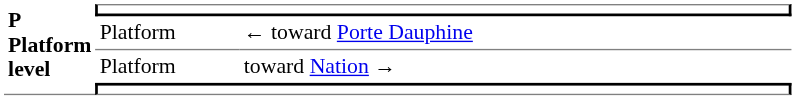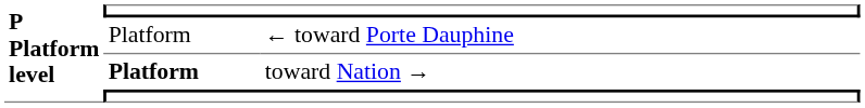 <table border=0 cellspacing=0 cellpadding=3>
 <tr>
 <td style="border-bottom:solid 1px gray;" width=50 rowspan=10 valign=top><strong>P<br>Platform level</strong></td>
 <td style="border-top:solid 1px gray;border-right:solid 2px black;border-left:solid 2px black;border-bottom:solid 2px black;text-align:center;" colspan=2></td>
 </tr>
 <tr>
 <td style="border-bottom:solid 1px gray;" width=100>Platform </td>
 <td style="border-bottom:solid 1px gray;" width=400>←   toward <a href='#'>Porte Dauphine</a> </td>
 </tr>
 <tr>
-<td>Platform </td>
+<td><strong>Platform </strong></td>
 <td>   toward <a href='#'>Nation</a>  →</td>
 </tr>
 <tr>
 <td style="border-top:solid 2px black;border-right:solid 2px black;border-left:solid 2px black;border-bottom:solid 1px gray;text-align:center;" colspan=2></td>
 </tr>
 </table>
